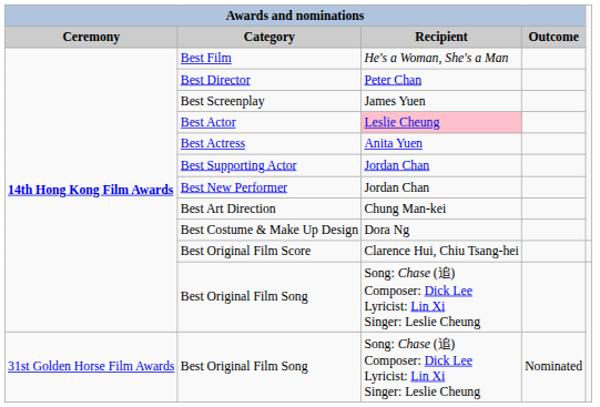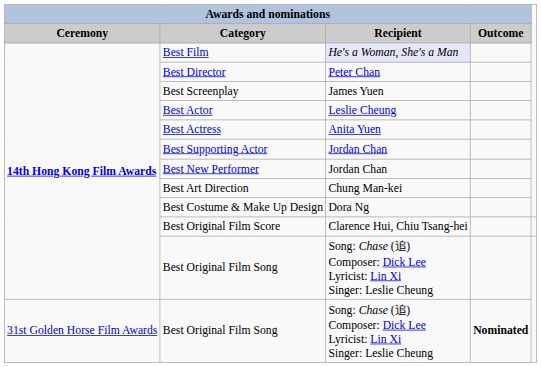 <table class="wikitable" style="font-size:95%;" ;>
 <tr style="background:#ccc; text-align:center;">
 <th colspan="4" style="background: LightSteelBlue;">Awards and nominations</th>
 </tr>
 <tr style="background:#ccc; text-align:center;">
 <th style="background:#ccc">Ceremony</th>
 <th style="background:#ccc">Category</th>
 <th style="background:#ccc">Recipient</th>
 <th style="background:#ccc">Outcome</th>
 </tr>
 <tr>
 <td rowspan=11><strong><a href='#'>14th Hong Kong Film Awards</a></strong></td>
 <td><a href='#'>Best Film</a></td>
-<td><em>He's a Woman, She's a Man</em></td>
+<td style="background: lavender;"><em>He's a Woman, She's a Man</em></td>
 <td></td>
 </tr>
 <tr>
 <td><a href='#'>Best Director</a></td>
 <td><a href='#'>Peter Chan</a></td>
 <td></td>
 </tr>
 <tr>
 <td>Best Screenplay</td>
 <td>James Yuen</td>
 <td></td>
 </tr>
 <tr>
 <td><a href='#'>Best Actor</a></td>
-<td style="background: pink;"><a href='#'>Leslie Cheung</a></td>
+<td><a href='#'>Leslie Cheung</a></td>
 <td></td>
 </tr>
 <tr>
 <td><a href='#'>Best Actress</a></td>
 <td><a href='#'>Anita Yuen</a></td>
 <td></td>
 </tr>
 <tr>
 <td><a href='#'>Best Supporting Actor</a></td>
 <td><a href='#'>Jordan Chan</a></td>
 <td></td>
 </tr>
 <tr>
 <td><a href='#'>Best New Performer</a></td>
 <td>Jordan Chan</td>
 <td></td>
 </tr>
 <tr>
 <td>Best Art Direction</td>
 <td>Chung Man-kei</td>
 <td></td>
 </tr>
 <tr>
 <td>Best Costume & Make Up Design</td>
 <td>Dora Ng</td>
 <td></td>
 </tr>
 <tr>
 <td>Best Original Film Score</td>
 <td>Clarence Hui, Chiu Tsang-hei</td>
 <td></td>
 <td></td>
 </tr>
 <tr>
 <td>Best Original Film Song</td>
 <td>Song: <em>Chase</em> (追)<br>Composer: <a href='#'>Dick Lee</a> <br>Lyricist: <a href='#'>Lin Xi</a> <br>Singer: Leslie Cheung</td>
 <td></td>
 </tr>
 <tr>
 <td><a href='#'>31st Golden Horse Film Awards</a></td>
 <td>Best Original Film Song</td>
 <td>Song: <em>Chase</em> (追)<br>Composer: <a href='#'>Dick Lee</a> <br>Lyricist: <a href='#'>Lin Xi</a> <br>Singer: Leslie Cheung</td>
-<td>Nominated</td>
+<td><strong>Nominated</strong></td>
 </tr>
 </table>
